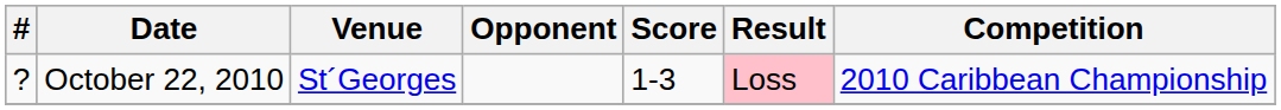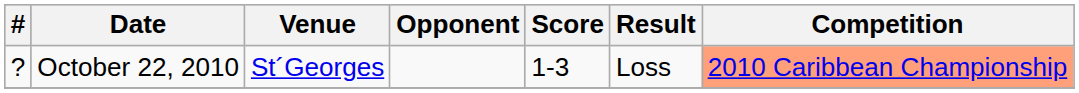 <table class="wikitable">
 <tr>
 <th>#</th>
 <th>Date</th>
 <th>Venue</th>
 <th>Opponent</th>
 <th>Score</th>
 <th>Result</th>
 <th>Competition</th>
 </tr>
 <tr>
 <td>?</td>
 <td>October 22, 2010</td>
 <td><a href='#'>St´Georges</a></td>
 <td></td>
 <td>1-3</td>
-<td style="background: pink;">Loss</td>
-<td><a href='#'>2010 Caribbean Championship</a></td>
+<td>Loss</td>
+<td style="background: lightsalmon;"><a href='#'>2010 Caribbean Championship</a></td>
 </tr>
 <tr>
 </tr>
 </table>
